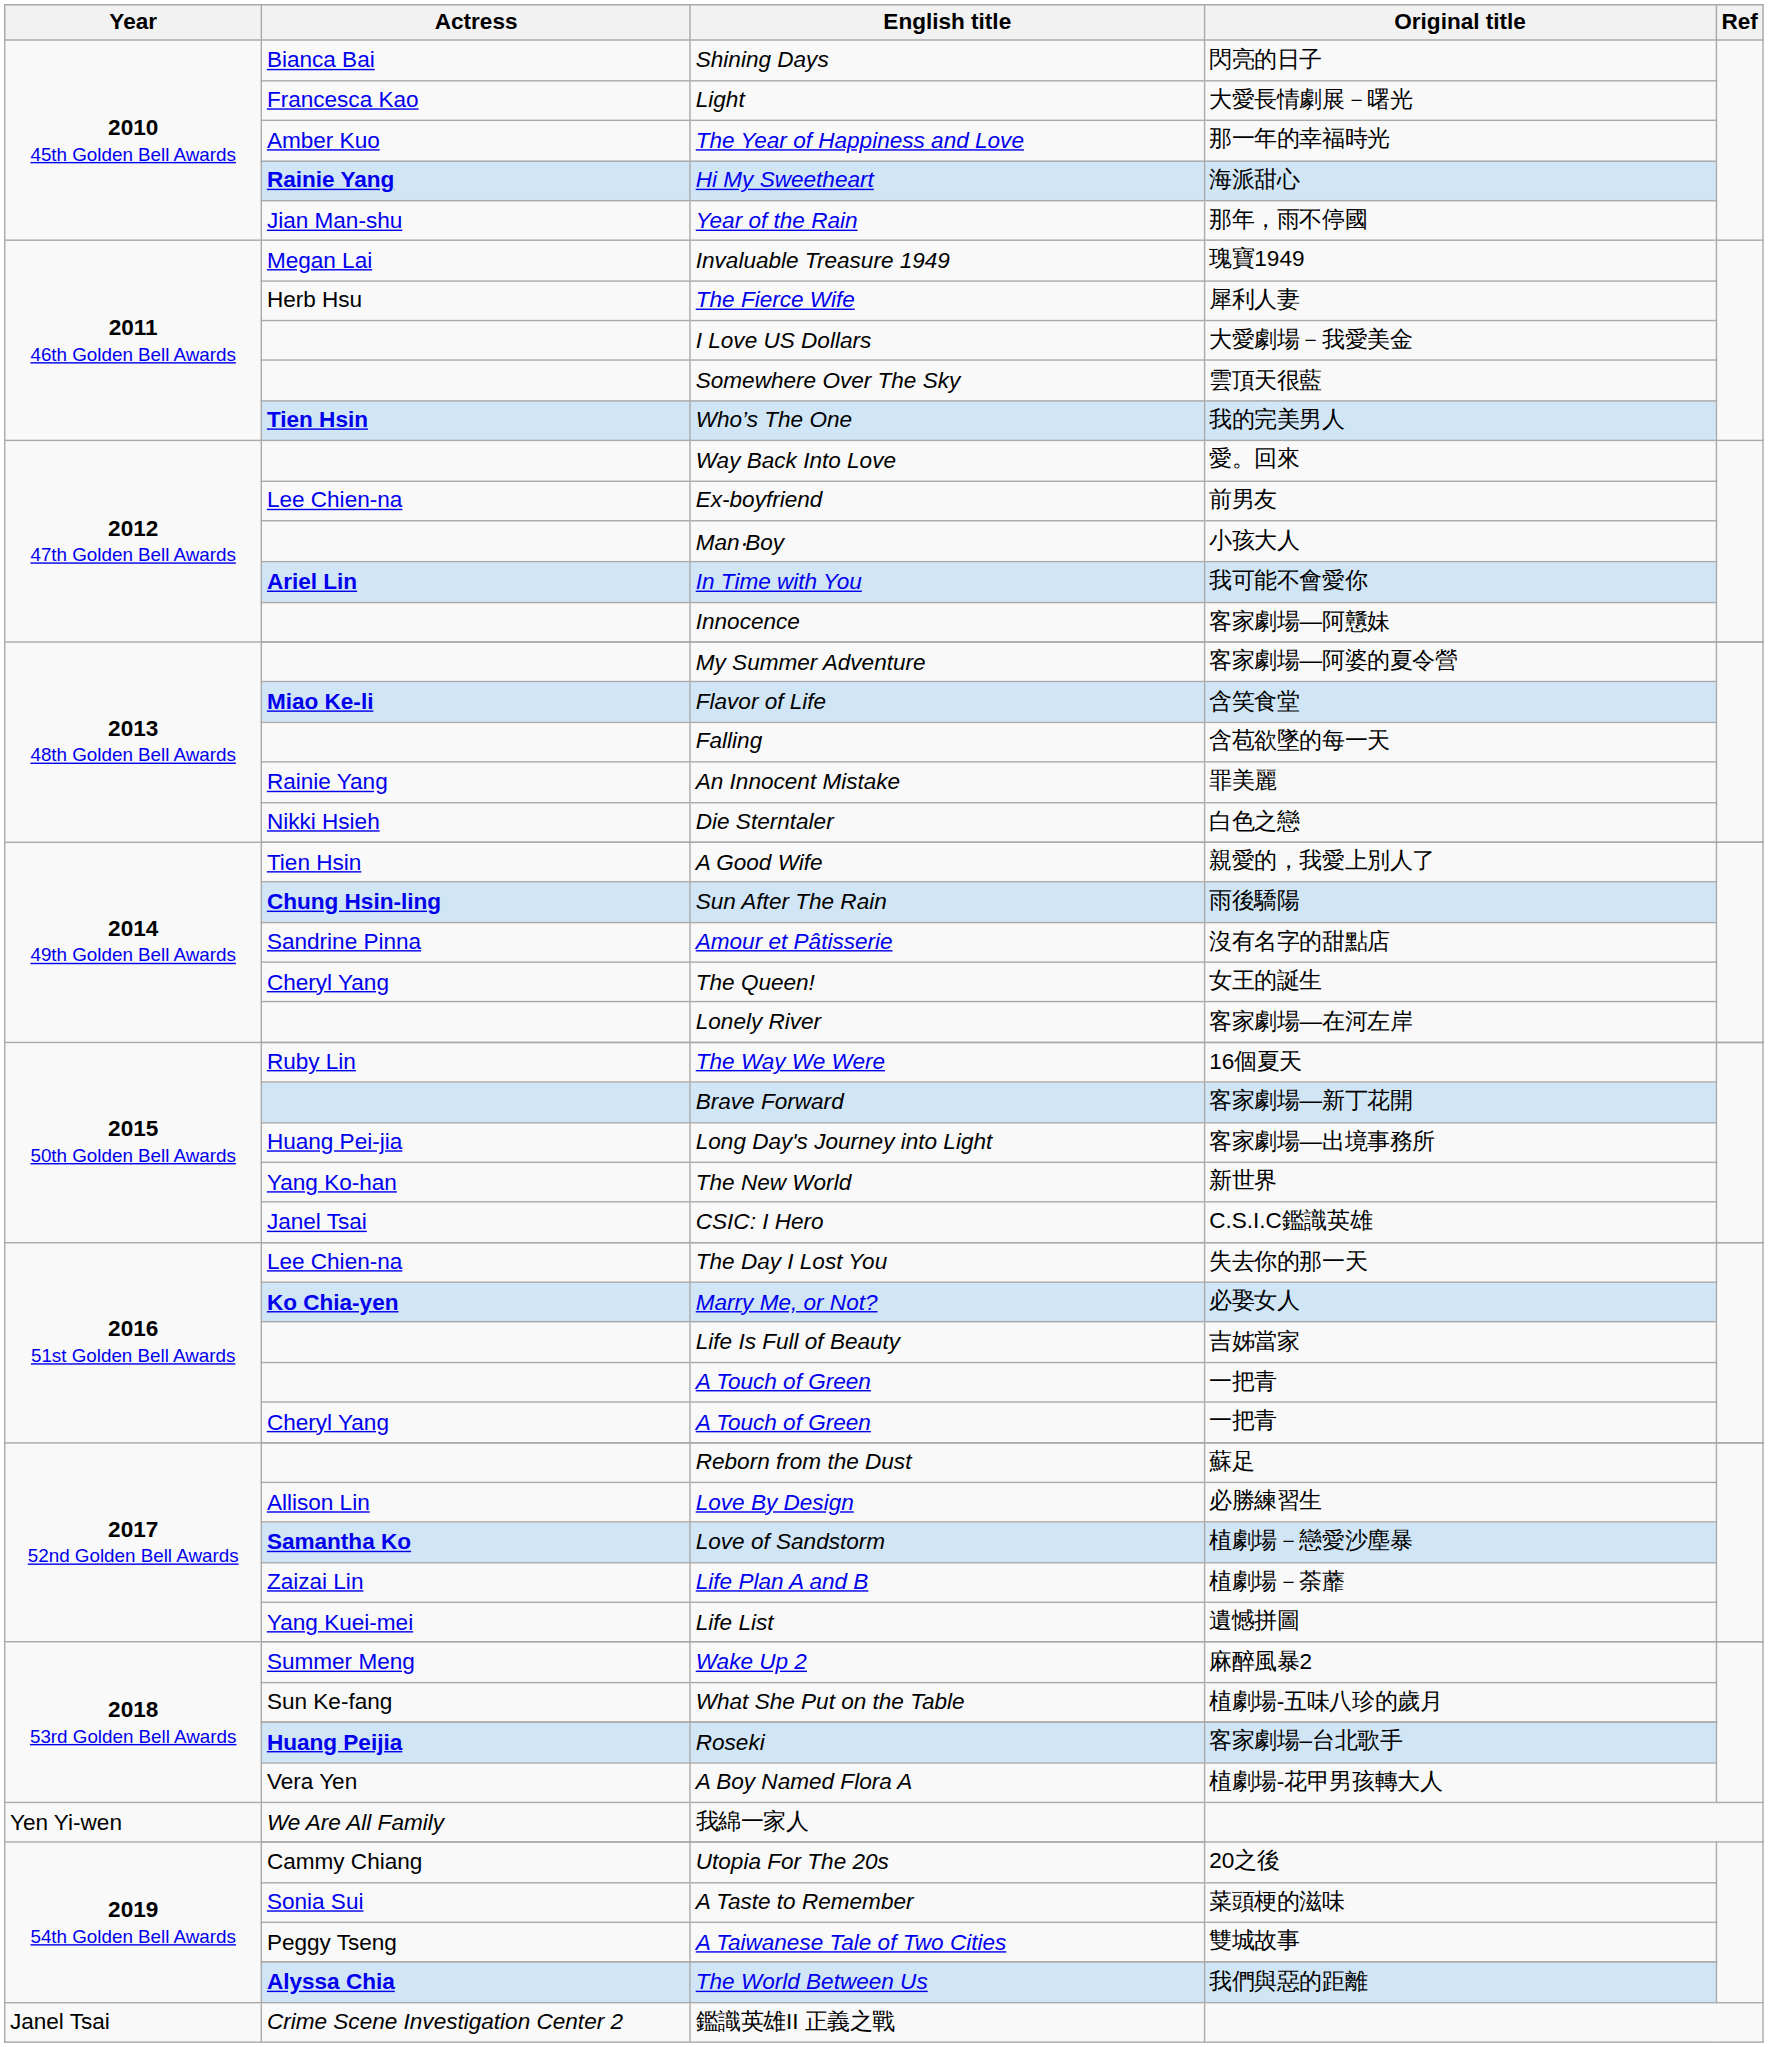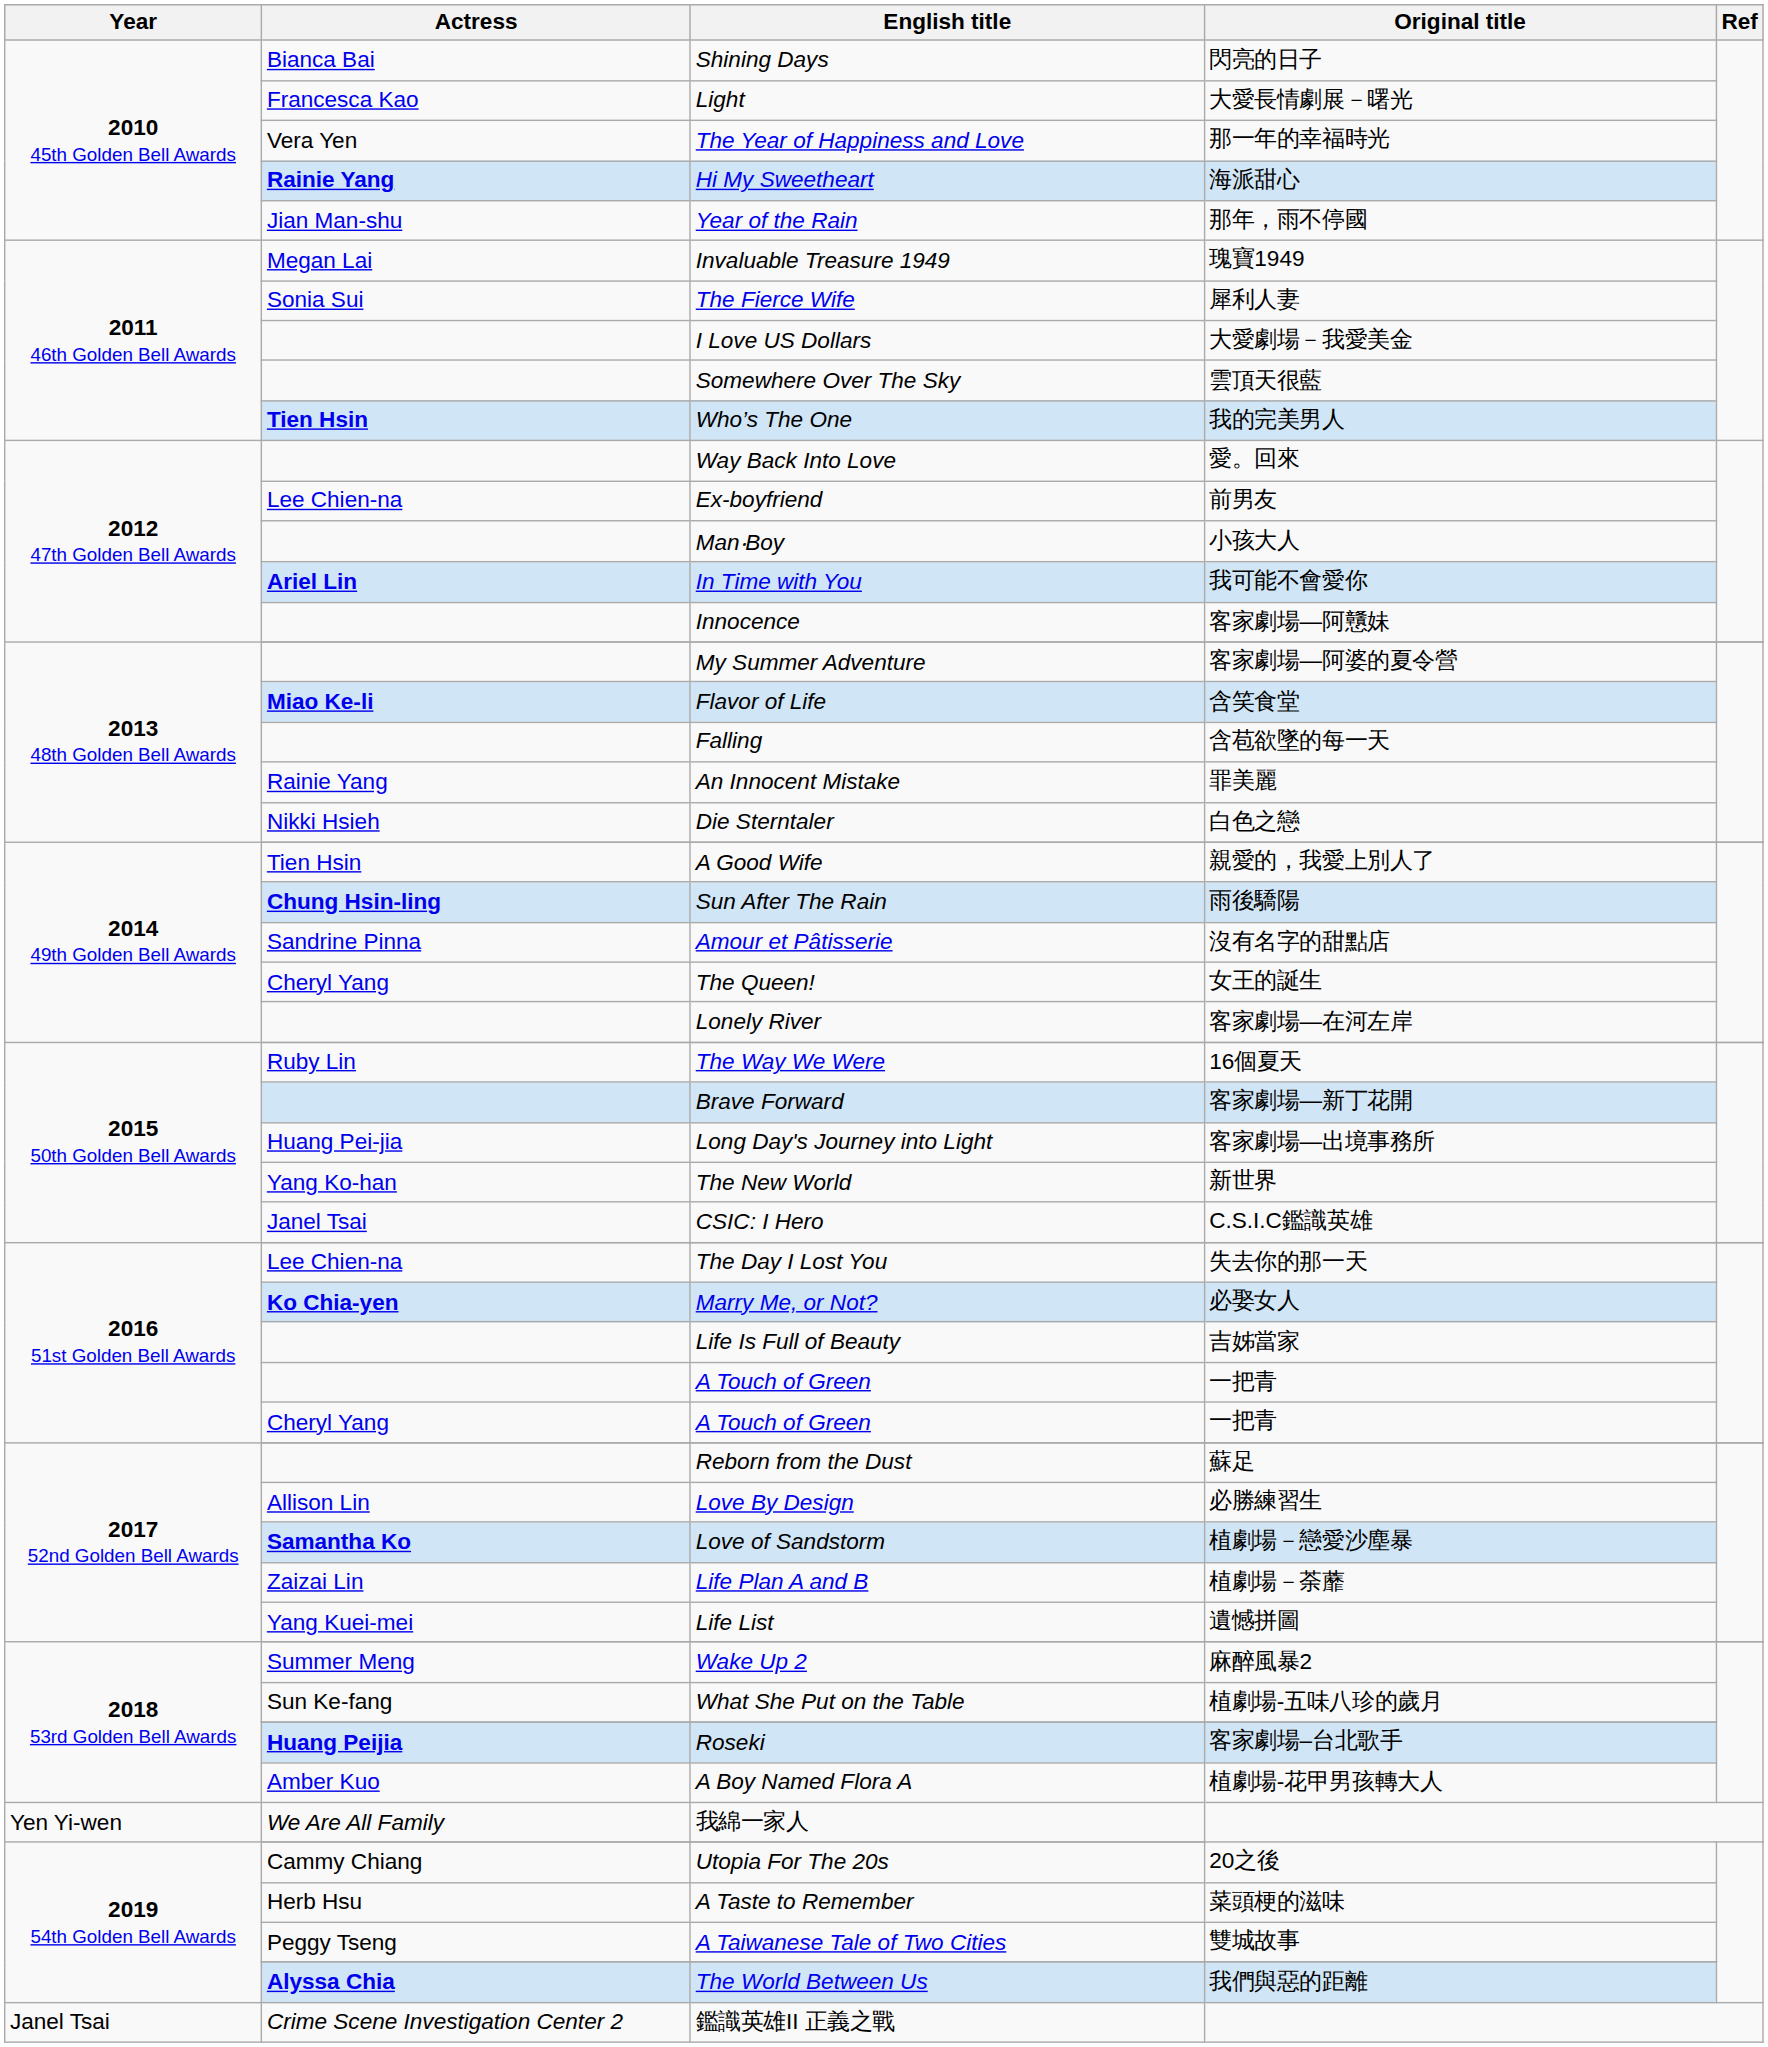 <table class="wikitable">
 <tr style="background:#bebebe;">
 <th style="width:15%;">Year</th>
 <th style="width:25%;">Actress</th>
 <th style="width:30%;">English title</th>
 <th style="width:30%;">Original title</th>
 <th style="width:2%;">Ref</th>
 </tr>
 <tr>
 <td rowspan=5 style="text-align:center"><strong>2010</strong> <br> <small><a href='#'>45th Golden Bell Awards</a></small></td>
 <td><a href='#'>Bianca Bai</a></td>
 <td><em>Shining Days</em></td>
 <td>閃亮的日子</td>
 <td rowspan=5></td>
 </tr>
 <tr>
 <td><a href='#'>Francesca Kao</a></td>
 <td><em>Light</em></td>
 <td>大愛長情劇展－曙光</td>
 </tr>
 <tr>
-<td><a href='#'>Amber Kuo</a></td>
+<td>Vera Yen</td>
 <td><em><a href='#'>The Year of Happiness and Love</a></em></td>
 <td>那一年的幸福時光</td>
 </tr>
 <tr style="background:#d0e5f5;">
 <td><strong><a href='#'>Rainie Yang</a></strong></td>
 <td><em><a href='#'>Hi My Sweetheart</a></em></td>
 <td>海派甜心</td>
 </tr>
 <tr>
 <td><a href='#'>Jian Man-shu</a></td>
 <td><em><a href='#'>Year of the Rain</a></em></td>
 <td>那年，雨不停國</td>
 </tr>
 <tr>
 <td rowspan=5 style="text-align:center"><strong>2011</strong> <br> <small><a href='#'>46th Golden Bell Awards</a></small></td>
 <td><a href='#'>Megan Lai</a></td>
 <td><em>Invaluable Treasure 1949</em></td>
 <td>瑰寶1949</td>
 <td rowspan=5></td>
 </tr>
 <tr>
-<td>Herb Hsu</td>
+<td><a href='#'>Sonia Sui</a></td>
 <td><em><a href='#'>The Fierce Wife</a></em></td>
 <td>犀利人妻</td>
 </tr>
 <tr>
 <td></td>
 <td><em>I Love US Dollars</em></td>
 <td>大愛劇場－我愛美金</td>
 </tr>
 <tr>
 <td></td>
 <td><em>Somewhere Over The Sky</em></td>
 <td>雲頂天很藍</td>
 </tr>
 <tr style="background:#d0e5f5;">
 <td><strong><a href='#'>Tien Hsin</a></strong></td>
 <td><em>Who’s The One</em></td>
 <td>我的完美男人</td>
 </tr>
 <tr>
 <td rowspan=5 style="text-align:center"><strong>2012</strong> <br> <small><a href='#'>47th Golden Bell Awards</a></small></td>
 <td></td>
 <td><em>Way Back Into Love</em></td>
 <td>愛。回來</td>
 <td rowspan=5></td>
 </tr>
 <tr>
 <td><a href='#'>Lee Chien-na</a></td>
 <td><em>Ex-boyfriend</em></td>
 <td>前男友</td>
 </tr>
 <tr>
 <td></td>
 <td><em>Man‧Boy</em></td>
 <td>小孩大人</td>
 </tr>
 <tr style="background:#d0e5f5;">
 <td><strong><a href='#'>Ariel Lin</a></strong></td>
 <td><em><a href='#'>In Time with You</a></em></td>
 <td>我可能不會愛你</td>
 </tr>
 <tr>
 <td></td>
 <td><em>Innocence</em></td>
 <td>客家劇場—阿戇妹</td>
 </tr>
 <tr>
 <td rowspan=6 style="text-align:center"><strong>2013</strong> <br> <small><a href='#'>48th Golden Bell Awards</a></small></td>
 </tr>
 <tr>
 <td></td>
 <td><em>My Summer Adventure</em></td>
 <td>客家劇場—阿婆的夏令營</td>
 <td rowspan=5></td>
 </tr>
 <tr style="background:#d0e5f5;">
 <td><strong><a href='#'>Miao Ke-li</a></strong></td>
 <td><em>Flavor of Life</em></td>
 <td>含笑食堂</td>
 </tr>
 <tr>
 <td></td>
 <td><em>Falling</em></td>
 <td>含苞欲墜的每一天</td>
 </tr>
 <tr>
 <td><a href='#'>Rainie Yang</a></td>
 <td><em>An Innocent Mistake</em></td>
 <td>罪美麗</td>
 </tr>
 <tr>
 <td><a href='#'>Nikki Hsieh</a></td>
 <td><em>Die Sterntaler</em></td>
 <td>白色之戀</td>
 </tr>
 <tr>
 <td rowspan=6 style="text-align:center"><strong>2014</strong> <br> <small><a href='#'>49th Golden Bell Awards</a></small></td>
 </tr>
 <tr>
 <td><a href='#'>Tien Hsin</a></td>
 <td><em>A Good Wife</em></td>
 <td>親愛的，我愛上別人了</td>
 <td rowspan=5></td>
 </tr>
 <tr style="background:#d0e5f5;">
 <td><strong><a href='#'>Chung Hsin-ling</a></strong></td>
 <td><em>Sun After The Rain</em></td>
 <td>雨後驕陽</td>
 </tr>
 <tr>
 <td><a href='#'>Sandrine Pinna</a></td>
 <td><em><a href='#'>Amour et Pâtisserie</a></em></td>
 <td>沒有名字的甜點店</td>
 </tr>
 <tr>
 <td><a href='#'>Cheryl Yang</a></td>
 <td><em>The Queen!</em></td>
 <td>女王的誕生</td>
 </tr>
 <tr>
 <td></td>
 <td><em>Lonely River</em></td>
 <td>客家劇場—在河左岸</td>
 </tr>
 <tr>
 <td rowspan=6 style="text-align:center"><strong>2015</strong> <br> <small><a href='#'>50th Golden Bell Awards</a></small></td>
 </tr>
 <tr>
 <td><a href='#'>Ruby Lin</a></td>
 <td><em><a href='#'>The Way We Were</a></em></td>
 <td>16個夏天</td>
 <td rowspan=5></td>
 </tr>
 <tr style="background:#d0e5f5;">
 <td><strong></strong></td>
 <td><em>Brave Forward</em></td>
 <td>客家劇場—新丁花開</td>
 </tr>
 <tr>
 <td><a href='#'>Huang Pei-jia</a></td>
 <td><em>Long Day's Journey into Light</em></td>
 <td>客家劇場—出境事務所</td>
 </tr>
 <tr>
 <td><a href='#'>Yang Ko-han</a></td>
 <td><em>The New World</em></td>
 <td>新世界</td>
 </tr>
 <tr>
 <td><a href='#'>Janel Tsai</a></td>
 <td><em>CSIC: I Hero </em></td>
 <td>C.S.I.C鑑識英雄</td>
 </tr>
 <tr>
 <td rowspan=6 style="text-align:center"><strong>2016</strong> <br> <small><a href='#'>51st Golden Bell Awards</a></small></td>
 </tr>
 <tr>
 <td><a href='#'>Lee Chien-na</a></td>
 <td><em>The Day I Lost You</em></td>
 <td>失去你的那一天</td>
 <td rowspan=5></td>
 </tr>
 <tr style="background:#d0e5f5;">
 <td><strong><a href='#'>Ko Chia-yen</a></strong></td>
 <td><em><a href='#'>Marry Me, or Not?</a></em></td>
 <td>必娶女人</td>
 </tr>
 <tr>
 <td></td>
 <td><em>Life Is Full of Beauty</em></td>
 <td>吉姊當家</td>
 </tr>
 <tr>
 <td></td>
 <td><em><a href='#'>A Touch of Green</a></em></td>
 <td>一把青</td>
 </tr>
 <tr>
 <td><a href='#'>Cheryl Yang</a></td>
 <td><em><a href='#'>A Touch of Green</a></em></td>
 <td>一把青</td>
 </tr>
 <tr>
 <td rowspan=6 style="text-align:center"><strong>2017</strong> <br> <small><a href='#'>52nd Golden Bell Awards</a></small></td>
 </tr>
 <tr>
 <td></td>
 <td><em>Reborn from the Dust</em></td>
 <td>蘇足</td>
 <td rowspan=5></td>
 </tr>
 <tr>
 <td><a href='#'>Allison Lin</a></td>
 <td><em><a href='#'>Love By Design</a></em></td>
 <td>必勝練習生</td>
 </tr>
 <tr style="background:#d0e5f5;">
 <td><strong><a href='#'>Samantha Ko</a></strong></td>
 <td><em>Love of Sandstorm</em></td>
 <td>植劇場－戀愛沙塵暴</td>
 </tr>
 <tr>
 <td><a href='#'>Zaizai Lin</a></td>
 <td><em><a href='#'>Life Plan A and B</a></em></td>
 <td>植劇場－荼蘼</td>
 </tr>
 <tr>
 <td><a href='#'>Yang Kuei-mei</a></td>
 <td><em>Life List</em></td>
 <td>遺憾拼圖</td>
 </tr>
 <tr>
 <td rowspan=6 style="text-align:center"><strong>2018</strong> <br> <small><a href='#'>53rd Golden Bell Awards</a></small></td>
 </tr>
 <tr>
 <td><a href='#'>Summer Meng</a></td>
 <td><em><a href='#'>Wake Up 2</a></em></td>
 <td>麻醉風暴2</td>
 <td rowspan=5></td>
 </tr>
 <tr>
 <td>Sun Ke-fang</td>
 <td><em>What She Put on the Table</em></td>
 <td>植劇場-五味八珍的歲月</td>
 </tr>
 <tr>
 </tr>
 <tr style="background:#d0e5f5;">
 <td><strong><a href='#'>Huang Peijia</a></strong></td>
 <td><em>Roseki</em></td>
 <td>客家劇場–台北歌手</td>
 </tr>
 <tr>
-<td>Vera Yen</td>
+<td><a href='#'>Amber Kuo</a></td>
 <td><em>A Boy Named Flora A</em></td>
 <td>植劇場-花甲男孩轉大人</td>
 </tr>
 <tr>
 <td>Yen Yi-wen</td>
 <td><em>We Are All Family</em></td>
 <td>我綿一家人</td>
 </tr>
 <tr>
 <td rowspan=6 style="text-align:center"><strong>2019</strong> <br> <small><a href='#'>54th Golden Bell Awards</a></small></td>
 </tr>
 <tr>
 <td>Cammy Chiang</td>
 <td><em>Utopia For The 20s</em></td>
 <td>20之後</td>
 <td rowspan=5></td>
 </tr>
 <tr>
-<td><a href='#'>Sonia Sui</a></td>
+<td>Herb Hsu</td>
 <td><em>A Taste to Remember</em></td>
 <td>菜頭梗的滋味</td>
 </tr>
 <tr>
 <td>Peggy Tseng</td>
 <td><em><a href='#'>A Taiwanese Tale of Two Cities</a></em></td>
 <td>雙城故事</td>
 </tr>
 <tr>
 </tr>
 <tr style="background:#d0e5f5;">
 <td><strong><a href='#'>Alyssa Chia</a></strong></td>
 <td><em><a href='#'>The World Between Us</a></em></td>
 <td>我們與惡的距離</td>
 </tr>
 <tr>
 <td>Janel Tsai</td>
 <td><em>Crime Scene Investigation Center 2</em></td>
 <td>鑑識英雄II 正義之戰</td>
 </tr>
 </table>
